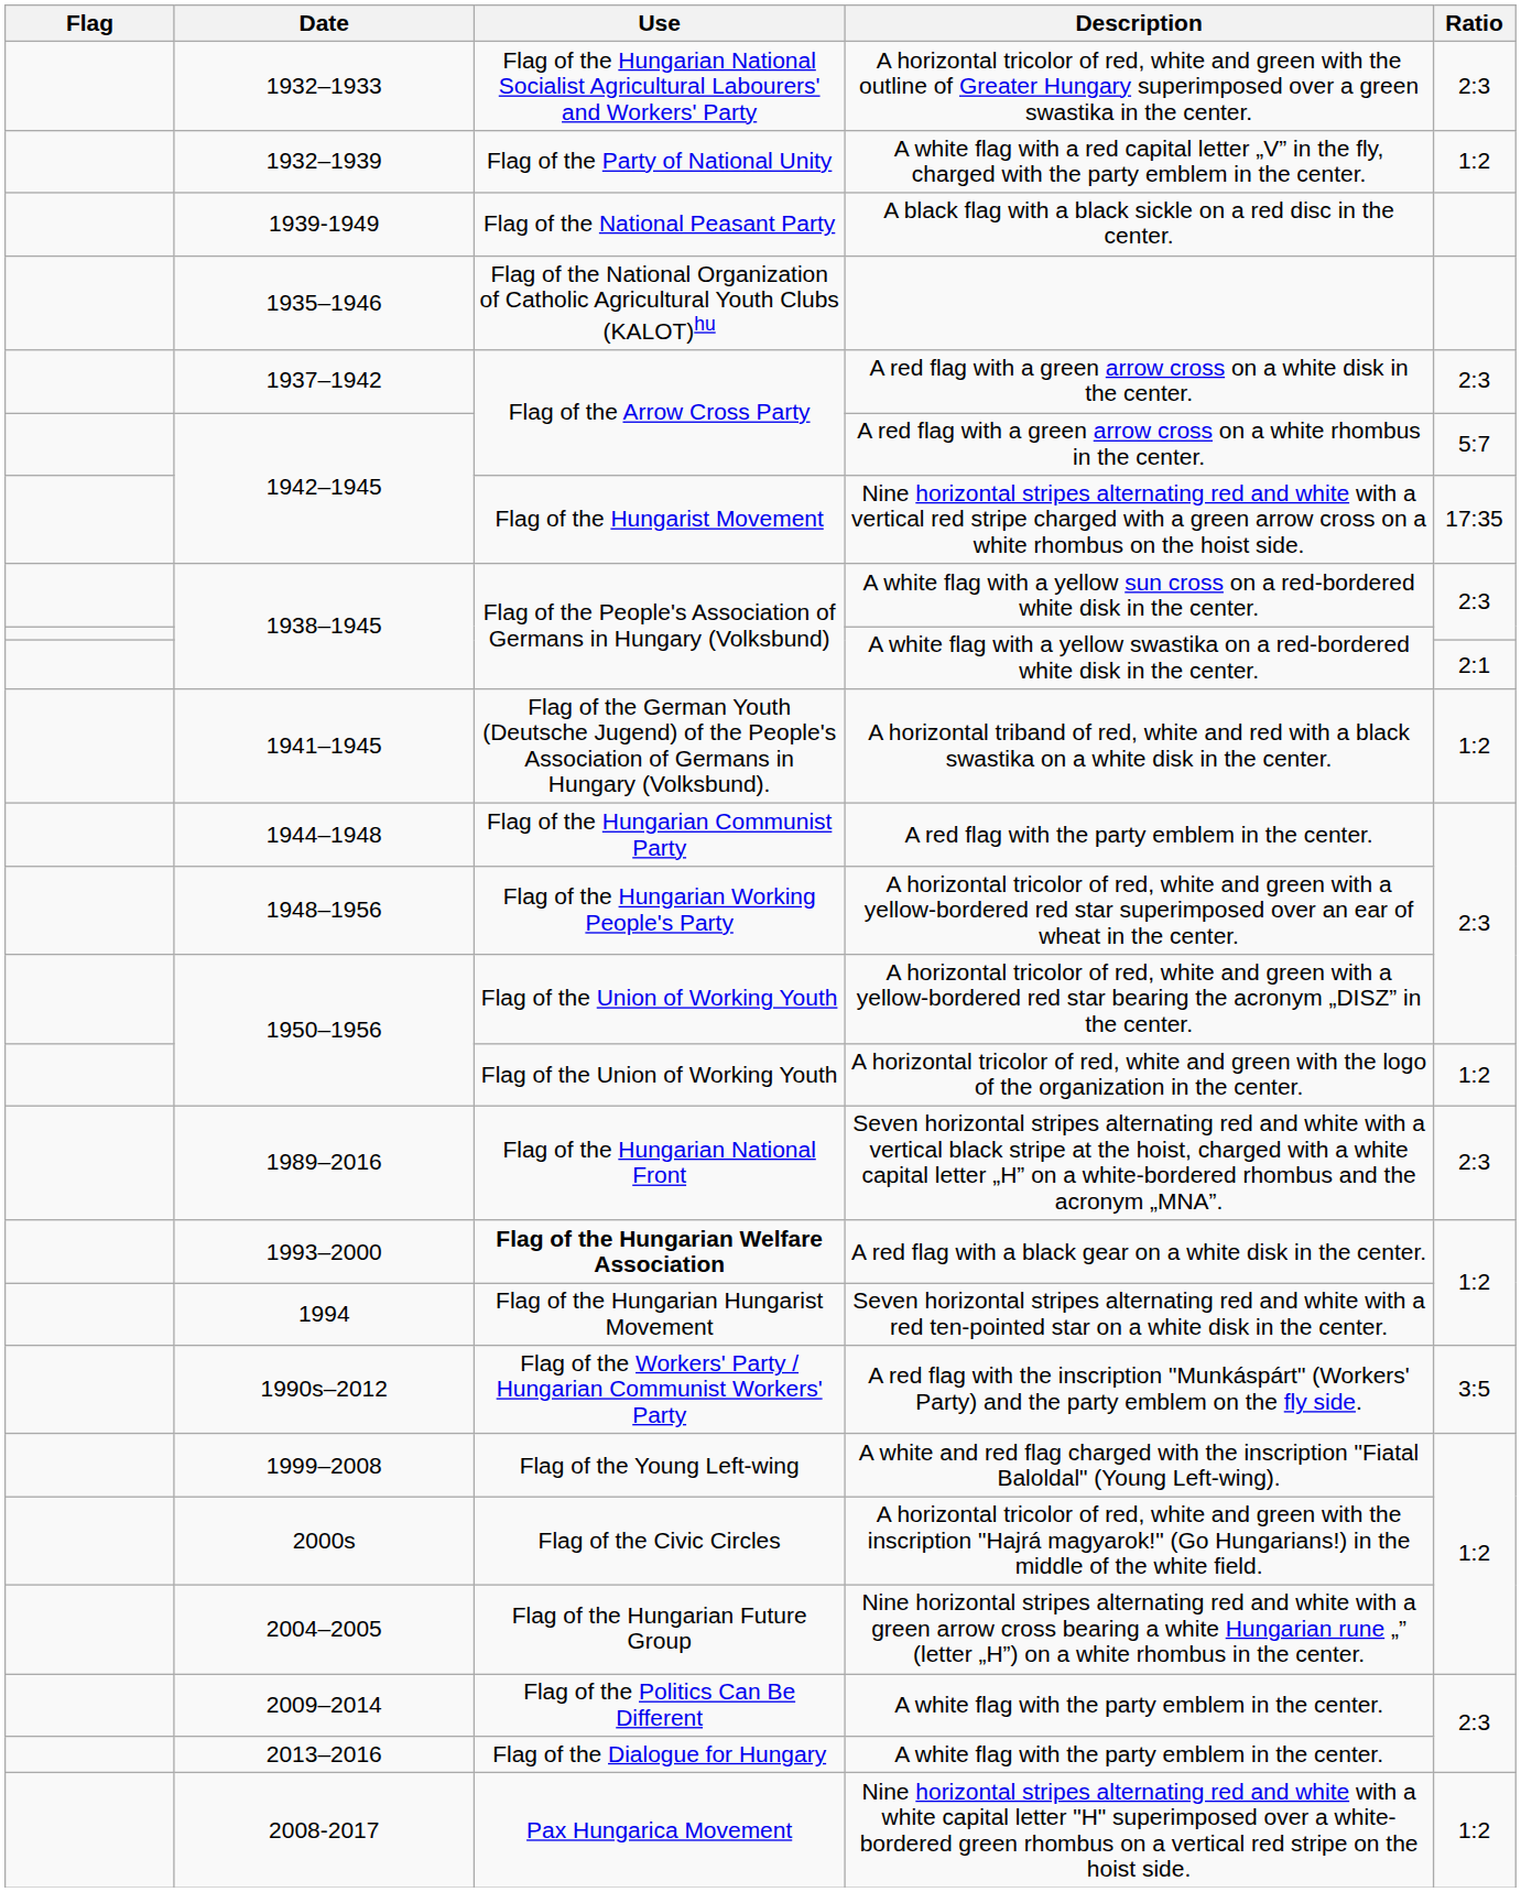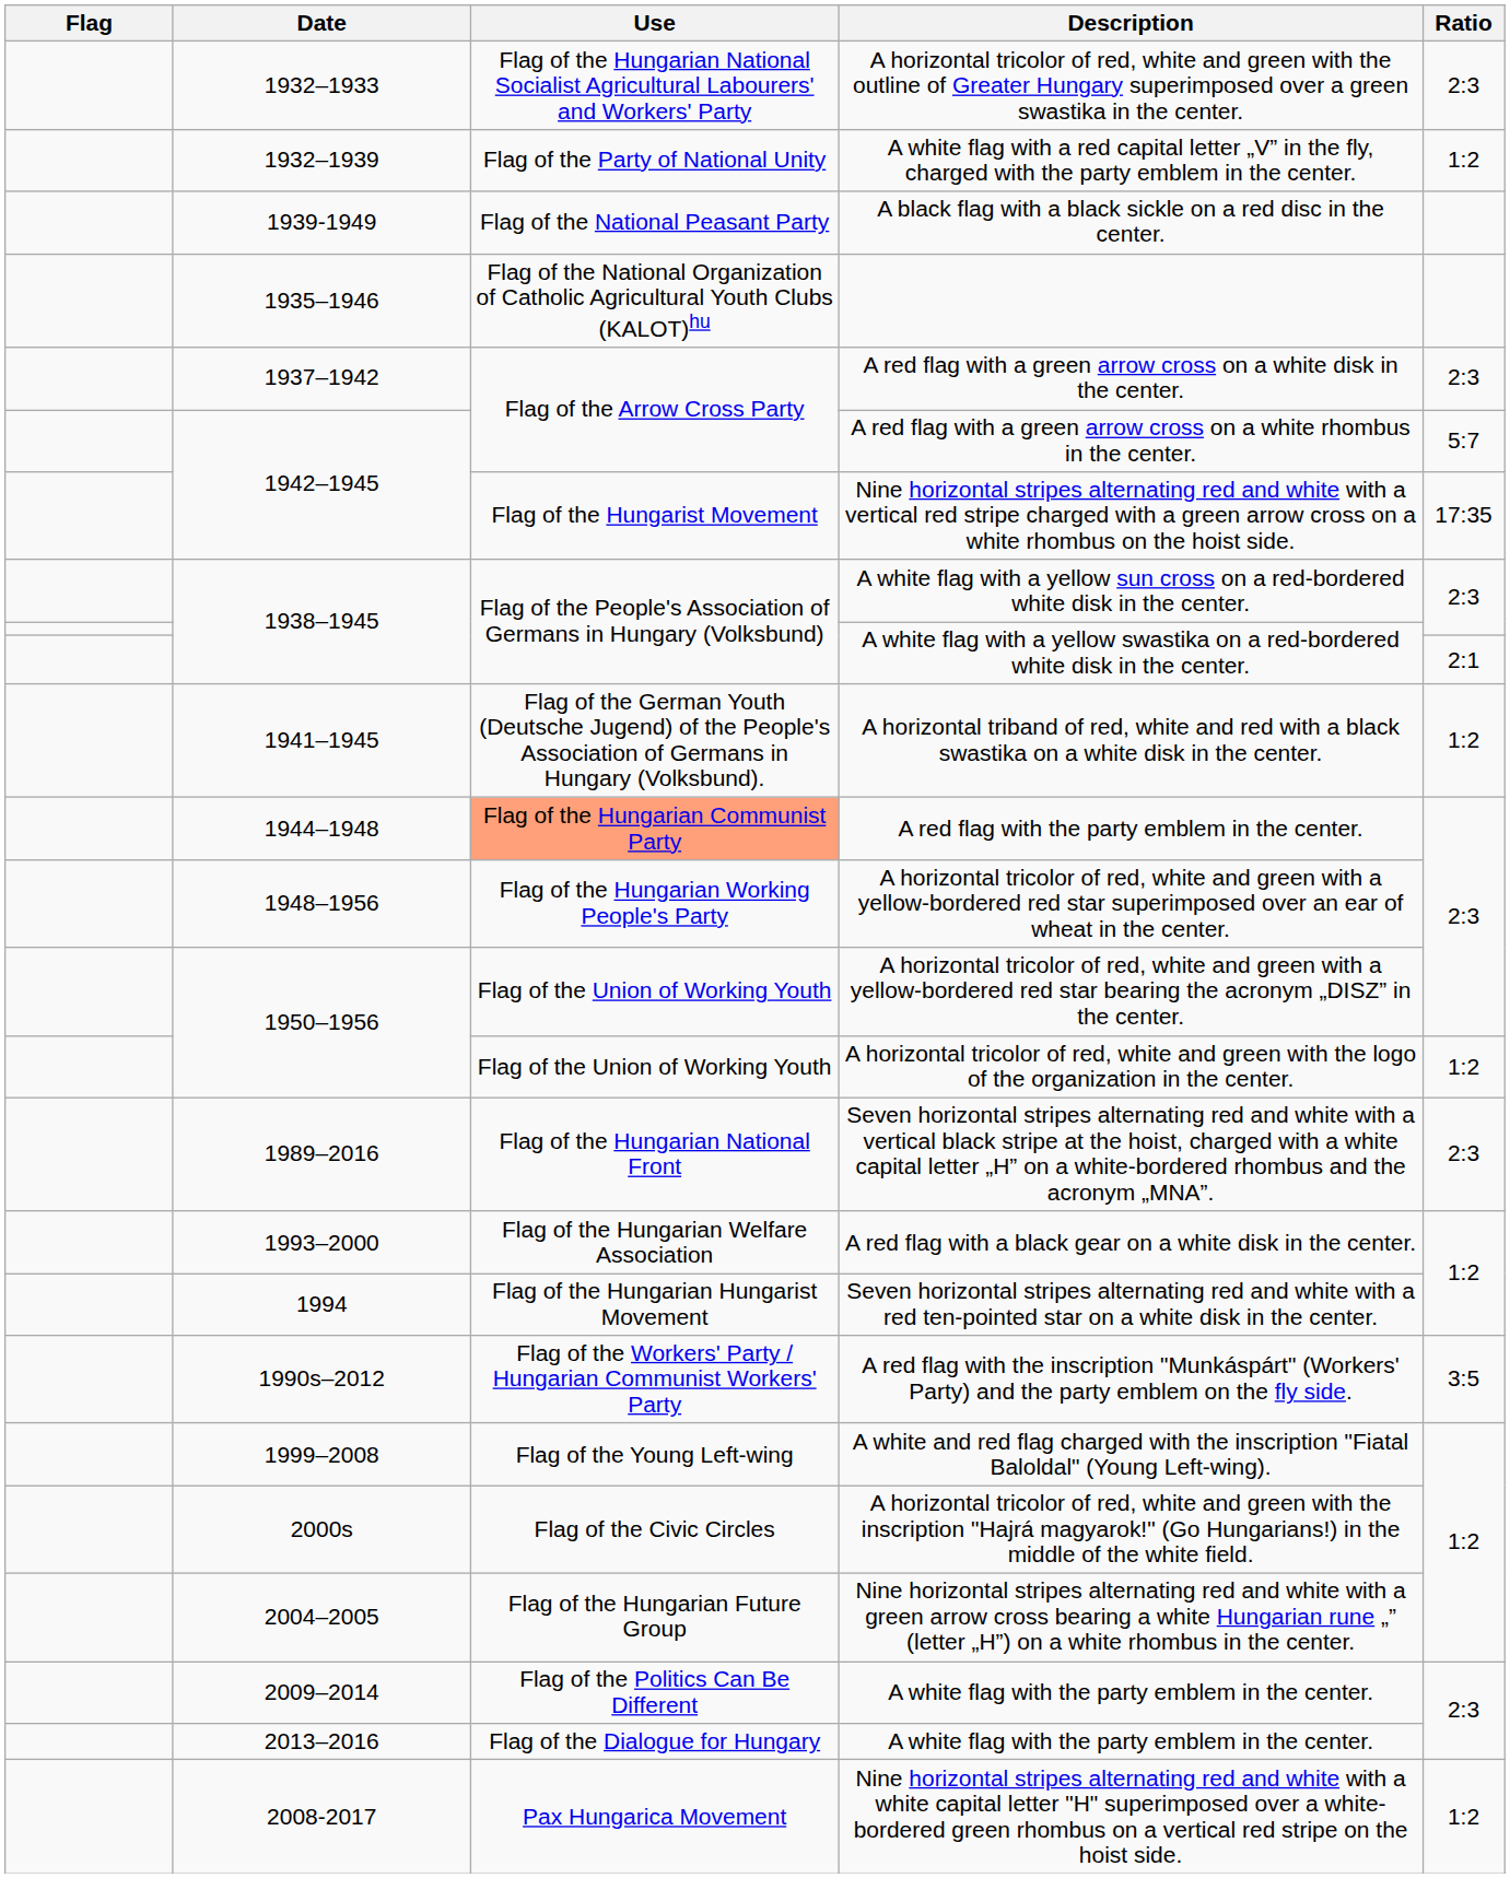 <table class="wikitable" style="text-align:center;">
 <tr>
 <th width="110">Flag</th>
 <th width="200">Date</th>
 <th width="250">Use</th>
 <th width="400">Description</th>
 <th width="50">Ratio</th>
 </tr>
 <tr>
 <td></td>
 <td>1932–1933</td>
 <td>Flag of the <a href='#'>Hungarian National Socialist Agricultural Labourers' and Workers' Party</a></td>
 <td>A horizontal tricolor of red, white and green with the outline of <a href='#'>Greater Hungary</a> superimposed over a green swastika in the center.</td>
 <td>2:3</td>
 </tr>
 <tr>
 <td></td>
 <td>1932–1939</td>
 <td>Flag of the <a href='#'>Party of National Unity</a></td>
 <td>A white flag with a red capital letter „V” in the fly, charged with the party emblem in the center.</td>
 <td>1:2</td>
 </tr>
 <tr>
 <td></td>
 <td>1939-1949</td>
 <td>Flag of the <a href='#'>National Peasant Party</a></td>
 <td>A black flag with a black sickle on a red disc in the center.</td>
 <td></td>
 </tr>
 <tr>
 <td></td>
 <td>1935–1946</td>
 <td>Flag of the National Organization of Catholic Agricultural Youth Clubs (KALOT)<sup><a href='#'>hu</a></sup></td>
 <td></td>
 <td></td>
 </tr>
 <tr>
 <td></td>
 <td>1937–1942</td>
 <td rowspan="2">Flag of the <a href='#'>Arrow Cross Party</a></td>
 <td>A red flag with a green <a href='#'>arrow cross</a> on a white disk in the center.</td>
 <td>2:3</td>
 </tr>
 <tr>
 <td></td>
 <td rowspan="2">1942–1945</td>
 <td>A red flag with a green <a href='#'>arrow cross</a> on a white rhombus in the center.</td>
 <td>5:7</td>
 </tr>
 <tr>
 <td></td>
 <td>Flag of the <a href='#'>Hungarist Movement</a></td>
 <td>Nine <a href='#'>horizontal stripes alternating red and white</a> with a vertical red stripe charged with a green arrow cross on a white rhombus on the hoist side.</td>
 <td>17:35</td>
 </tr>
 <tr>
 <td></td>
 <td rowspan="3">1938–1945</td>
 <td rowspan="3">Flag of the People's Association of Germans in Hungary (Volksbund)</td>
 <td>A white flag with a yellow <a href='#'>sun cross</a> on a red-bordered white disk in the center.</td>
 <td rowspan="2">2:3</td>
 </tr>
 <tr>
 <td></td>
 <td rowspan="2">A white flag with a yellow swastika on a red-bordered white disk in the center.</td>
 </tr>
 <tr>
 <td></td>
 <td>2:1</td>
 </tr>
 <tr>
 <td></td>
 <td>1941–1945</td>
 <td>Flag of the German Youth (Deutsche Jugend) of the People's Association of Germans in Hungary (Volksbund).</td>
 <td>A horizontal triband of red, white and red with a black swastika on a white disk in the center.</td>
 <td>1:2</td>
 </tr>
 <tr>
 <td></td>
 <td>1944–1948</td>
-<td>Flag of the <a href='#'>Hungarian Communist Party</a></td>
+<td style="background: lightsalmon;">Flag of the <a href='#'>Hungarian Communist Party</a></td>
 <td>A red flag with the party emblem in the center.</td>
 <td rowspan="3">2:3</td>
 </tr>
 <tr>
 <td></td>
 <td>1948–1956</td>
 <td>Flag of the <a href='#'>Hungarian Working People's Party</a></td>
 <td>A horizontal tricolor of red, white and green with a yellow-bordered red star superimposed over an ear of wheat in the center.</td>
 </tr>
 <tr>
 <td></td>
 <td rowspan="2">1950–1956</td>
 <td>Flag of the <a href='#'>Union of Working Youth</a></td>
 <td>A horizontal tricolor of red, white and green with a yellow-bordered red star bearing the acronym „DISZ” in the center.</td>
 </tr>
 <tr>
 <td></td>
 <td>Flag of the Union of Working Youth </td>
 <td>A horizontal tricolor of red, white and green with the logo of the organization in the center.</td>
 <td>1:2</td>
 </tr>
 <tr>
 <td></td>
 <td>1989–2016</td>
 <td>Flag of the <a href='#'>Hungarian National Front</a></td>
 <td>Seven horizontal stripes alternating red and white with a vertical black stripe at the hoist, charged with a white capital letter „H” on a white-bordered rhombus and the acronym „MNA”.</td>
 <td>2:3</td>
 </tr>
 <tr>
 <td></td>
 <td>1993–2000</td>
-<td><strong>Flag of the Hungarian Welfare Association</strong></td>
+<td>Flag of the Hungarian Welfare Association</td>
 <td>A red flag with a black gear on a white disk in the center.</td>
 <td rowspan="2">1:2</td>
 </tr>
 <tr>
 <td></td>
 <td>1994</td>
 <td>Flag of the Hungarian Hungarist Movement</td>
 <td>Seven horizontal stripes alternating red and white with a red ten-pointed star on a white disk in the center.</td>
 </tr>
 <tr>
 <td></td>
 <td>1990s–2012</td>
 <td>Flag of the <a href='#'>Workers' Party / Hungarian Communist Workers' Party</a></td>
 <td>A red flag with the inscription "Munkáspárt" (Workers' Party) and the party emblem on the <a href='#'>fly side</a>.</td>
 <td>3:5</td>
 </tr>
 <tr>
 <td></td>
 <td>1999–2008</td>
 <td>Flag of the Young Left-wing</td>
 <td>A white and red flag charged with the inscription "Fiatal Baloldal" (Young Left-wing).</td>
 <td rowspan="3">1:2</td>
 </tr>
 <tr>
 <td></td>
 <td>2000s</td>
 <td>Flag of the Civic Circles</td>
 <td>A horizontal tricolor of red, white and green with the inscription "Hajrá magyarok!" (Go Hungarians!) in the middle of the white field.</td>
 </tr>
 <tr>
 <td></td>
 <td>2004–2005</td>
 <td>Flag of the Hungarian Future Group</td>
 <td>Nine horizontal stripes alternating red and white with a green arrow cross bearing a white <a href='#'>Hungarian rune</a> „” (letter „H”) on a white rhombus in the center.</td>
 </tr>
 <tr>
 <td></td>
 <td>2009–2014</td>
 <td>Flag of the <a href='#'>Politics Can Be Different</a></td>
 <td>A white flag with the party emblem in the center.</td>
 <td rowspan="2">2:3</td>
 </tr>
 <tr>
 <td></td>
 <td>2013–2016</td>
 <td>Flag of the <a href='#'>Dialogue for Hungary</a></td>
 <td>A white flag with the party emblem in the center.</td>
 </tr>
 <tr>
 <td></td>
 <td>2008-2017</td>
 <td><a href='#'>Pax Hungarica Movement</a></td>
 <td>Nine <a href='#'>horizontal stripes alternating red and white</a> with a white capital letter "H" superimposed over a white-bordered green rhombus on a vertical red stripe on the hoist side.</td>
 <td>1:2</td>
 </tr>
 </table>
